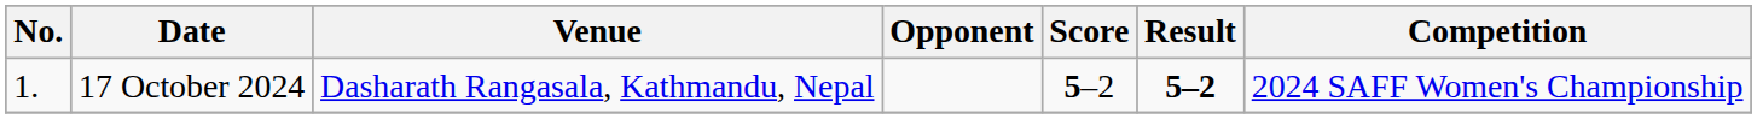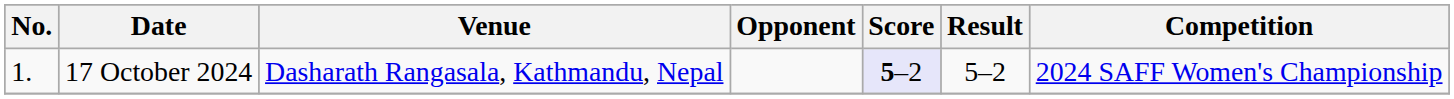 <table class="wikitable">
 <tr>
 <th>No.</th>
 <th>Date</th>
 <th>Venue</th>
 <th>Opponent</th>
 <th>Score</th>
 <th>Result</th>
 <th>Competition</th>
 </tr>
 <tr>
 <td>1.</td>
 <td>17 October 2024</td>
 <td><a href='#'>Dasharath Rangasala</a>, <a href='#'>Kathmandu</a>, <a href='#'>Nepal</a></td>
 <td></td>
-<td align=center><strong>5</strong>–2</td>
-<td align=center><strong>5–2</strong></td>
+<td align=center style="background: lavender;"><strong>5</strong>–2</td>
+<td align=center>5–2</td>
 <td><a href='#'>2024 SAFF Women's Championship</a></td>
 </tr>
 <tr>
 </tr>
 </table>
